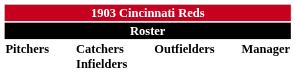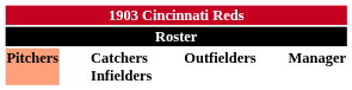 <table class="toccolours" style="font-size: 95%;">
 <tr>
 <th colspan="10" style="background-color: #c6011f; color: white; text-align: center;">1903 Cincinnati Reds</th>
 </tr>
 <tr>
 <td colspan="10" style="background-color: black; color: white; text-align: center;"><strong>Roster</strong></td>
 </tr>
 <tr>
-<td valign="top"><strong>Pitchers</strong><br>        </td>
+<td valign="top" style="background: lightsalmon;"><strong>Pitchers</strong><br>        </td>
 <td width="25px"></td>
 <td valign="top"><strong>Catchers</strong><br>     <strong>Infielders</strong>       </td>
 <td width="25px"></td>
 <td valign="top"><strong>Outfielders</strong><br>      </td>
 <td width="25px"></td>
 <td valign="top"><strong>Manager</strong><br></td>
 </tr>
 </table>
